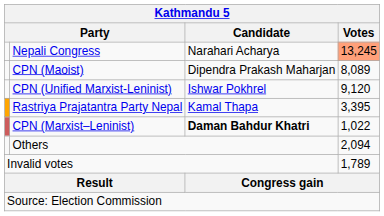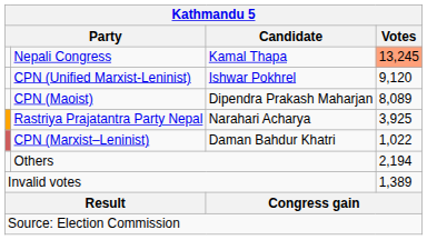 <table class="wikitable">
 <tr>
 <th colspan="4"><a href='#'>Kathmandu 5</a></th>
 </tr>
 <tr>
 <th colspan="2">Party</th>
 <th>Candidate</th>
 <th>Votes</th>
 </tr>
 <tr>
 <td style="background-color:"></td>
 <td><a href='#'>Nepali Congress</a></td>
-<td>Narahari Acharya</td>
+<td><a href='#'>Kamal Thapa</a></td>
 <td style="background: lightsalmon;">13,245</td>
+</tr>
+<tr>
+<td style="background-color:"></td>
+<td><a href='#'>CPN (Unified Marxist-Leninist)</a></td>
+<td><a href='#'>Ishwar Pokhrel</a></td>
+<td>9,120</td>
 </tr>
 <tr>
 <td style="background-color:"></td>
 <td><a href='#'>CPN (Maoist)</a></td>
 <td>Dipendra Prakash Maharjan</td>
 <td>8,089</td>
 </tr>
 <tr>
-<td style="background-color:"></td>
-<td><a href='#'>CPN (Unified Marxist-Leninist)</a></td>
-<td><a href='#'>Ishwar Pokhrel</a></td>
-<td>9,120</td>
-</tr>
-<tr>
 <td style="background-color:orange"></td>
 <td><a href='#'>Rastriya Prajatantra Party Nepal</a></td>
-<td><a href='#'>Kamal Thapa</a></td>
-<td>3,395</td>
+<td>Narahari Acharya</td>
+<td>3,925</td>
 </tr>
 <tr>
 <td style="background-color:indianred"></td>
 <td><a href='#'>CPN (Marxist–Leninist)</a></td>
-<td><strong>Daman Bahdur Khatri</strong></td>
+<td>Daman Bahdur Khatri</td>
 <td>1,022</td>
 </tr>
 <tr>
 <td></td>
 <td colspan="2">Others</td>
-<td>2,094</td>
+<td>2,194</td>
 </tr>
 <tr>
 <td colspan="3">Invalid votes</td>
-<td>1,789</td>
+<td>1,389</td>
 </tr>
 <tr>
 <th colspan="2">Result</th>
 <th colspan="2">Congress gain</th>
 </tr>
 <tr>
 <td colspan="4">Source: Election Commission</td>
 </tr>
 </table>
